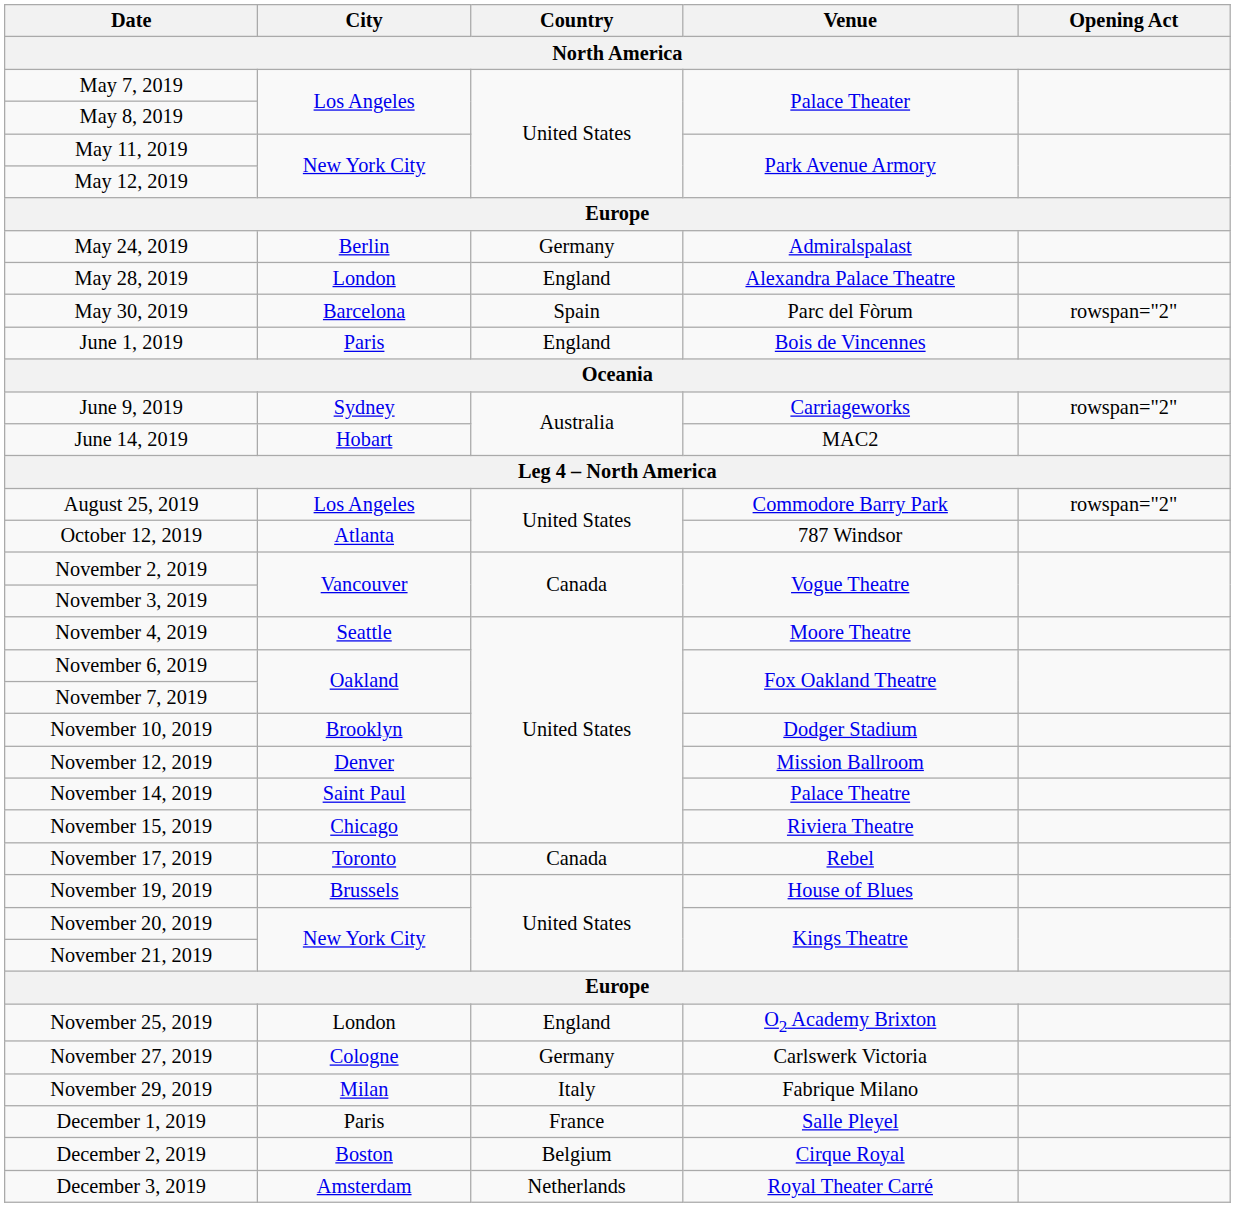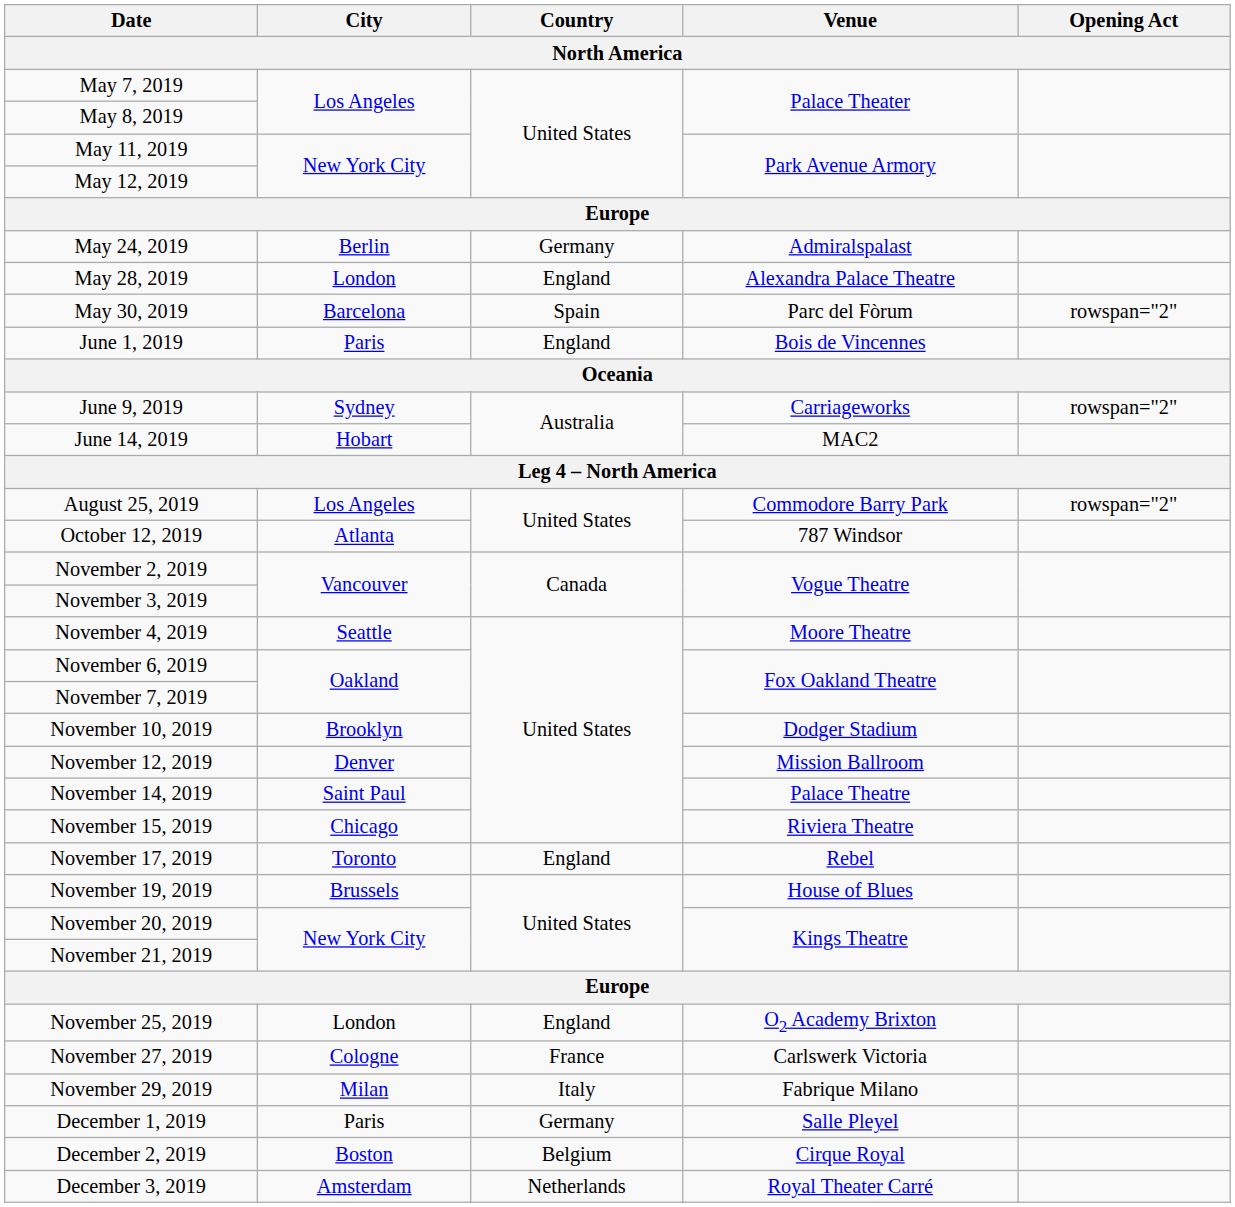 <table class="wikitable plainrowheaders" style="text-align: center;">
 <tr>
 <th scope="col" style="width:12em;">Date</th>
 <th scope="col" style="width:10em;">City</th>
 <th scope="col" style="width:10em;">Country</th>
 <th scope="col" style="width:16em;">Venue</th>
 <th scope="col" style="width:10em;">Opening Act</th>
 </tr>
 <tr>
 <th colspan="5">North America</th>
 </tr>
 <tr>
 <td>May 7, 2019</td>
 <td rowspan="2"><a href='#'>Los Angeles</a></td>
 <td rowspan="4">United States</td>
 <td rowspan="2"><a href='#'>Palace Theater</a></td>
 <td rowspan="2"></td>
 </tr>
 <tr>
 <td>May 8, 2019</td>
 </tr>
 <tr>
 <td>May 11, 2019</td>
 <td rowspan="2"><a href='#'>New York City</a></td>
 <td rowspan="2"><a href='#'>Park Avenue Armory</a></td>
 <td rowspan="2"></td>
 </tr>
 <tr>
 <td>May 12, 2019</td>
 </tr>
 <tr>
 <th colspan="5">Europe</th>
 </tr>
 <tr>
 <td>May 24, 2019</td>
 <td><a href='#'>Berlin</a></td>
 <td>Germany</td>
 <td><a href='#'>Admiralspalast</a></td>
 <td></td>
 </tr>
 <tr>
 <td>May 28, 2019</td>
 <td><a href='#'>London</a></td>
 <td>England</td>
 <td><a href='#'>Alexandra Palace Theatre</a></td>
 <td></td>
 </tr>
 <tr>
 <td>May 30, 2019</td>
 <td><a href='#'>Barcelona</a></td>
 <td>Spain</td>
 <td>Parc del Fòrum</td>
 <td>rowspan="2" </td>
 </tr>
 <tr>
 <td>June 1, 2019</td>
 <td><a href='#'>Paris</a></td>
 <td>England</td>
 <td><a href='#'>Bois de Vincennes</a></td>
 </tr>
 <tr>
 <th colspan="5">Oceania</th>
 </tr>
 <tr>
 <td>June 9, 2019</td>
 <td><a href='#'>Sydney</a></td>
 <td rowspan="2">Australia</td>
 <td><a href='#'>Carriageworks</a></td>
 <td>rowspan="2" </td>
 </tr>
 <tr>
 <td>June 14, 2019</td>
 <td><a href='#'>Hobart</a></td>
 <td>MAC2</td>
 </tr>
 <tr>
 <th colspan="5">Leg 4 – North America</th>
 </tr>
 <tr>
 <td>August 25, 2019</td>
 <td><a href='#'>Los Angeles</a></td>
 <td rowspan="2">United States</td>
 <td><a href='#'>Commodore Barry Park</a></td>
 <td>rowspan="2" </td>
 </tr>
 <tr>
 <td>October 12, 2019</td>
 <td><a href='#'>Atlanta</a></td>
 <td>787 Windsor</td>
 </tr>
 <tr>
 <td>November 2, 2019</td>
 <td rowspan="2"><a href='#'>Vancouver</a></td>
 <td rowspan="2">Canada</td>
 <td rowspan="2"><a href='#'>Vogue Theatre</a></td>
 <td rowspan="2"></td>
 </tr>
 <tr>
 <td>November 3, 2019</td>
 </tr>
 <tr>
 <td>November 4, 2019</td>
 <td><a href='#'>Seattle</a></td>
 <td rowspan="7">United States</td>
 <td><a href='#'>Moore Theatre</a></td>
 <td></td>
 </tr>
 <tr>
 <td>November 6, 2019</td>
 <td rowspan="2"><a href='#'>Oakland</a></td>
 <td rowspan="2"><a href='#'>Fox Oakland Theatre</a></td>
 <td rowspan="2"></td>
 </tr>
 <tr>
 <td>November 7, 2019</td>
 </tr>
 <tr>
 <td>November 10, 2019</td>
 <td><a href='#'>Brooklyn</a></td>
 <td><a href='#'>Dodger Stadium</a></td>
 <td></td>
 </tr>
 <tr>
 <td>November 12, 2019</td>
 <td><a href='#'>Denver</a></td>
 <td><a href='#'>Mission Ballroom</a></td>
 <td></td>
 </tr>
 <tr>
 <td>November 14, 2019</td>
 <td><a href='#'>Saint Paul</a></td>
 <td><a href='#'>Palace Theatre</a></td>
 <td></td>
 </tr>
 <tr>
 <td>November 15, 2019</td>
 <td><a href='#'>Chicago</a></td>
 <td><a href='#'>Riviera Theatre</a></td>
 <td></td>
 </tr>
 <tr>
 <td>November 17, 2019</td>
 <td><a href='#'>Toronto</a></td>
-<td>Canada</td>
+<td>England</td>
 <td><a href='#'>Rebel</a></td>
 <td></td>
 </tr>
 <tr>
 <td>November 19, 2019</td>
 <td><a href='#'>Brussels</a></td>
 <td rowspan="3">United States</td>
 <td><a href='#'>House of Blues</a></td>
 <td></td>
 </tr>
 <tr>
 <td>November 20, 2019</td>
 <td rowspan="2"><a href='#'>New York City</a></td>
 <td rowspan="2"><a href='#'>Kings Theatre</a></td>
 <td rowspan="2"></td>
 </tr>
 <tr>
 <td>November 21, 2019</td>
 </tr>
 <tr>
 <th colspan="5">Europe</th>
 </tr>
 <tr>
 <td>November 25, 2019</td>
 <td>London</td>
 <td>England</td>
 <td><a href='#'>O<sub>2</sub> Academy Brixton</a></td>
 <td></td>
 </tr>
 <tr>
 <td>November 27, 2019</td>
 <td><a href='#'>Cologne</a></td>
-<td>Germany</td>
+<td>France</td>
 <td>Carlswerk Victoria</td>
 <td></td>
 </tr>
 <tr>
 <td>November 29, 2019</td>
 <td><a href='#'>Milan</a></td>
 <td>Italy</td>
 <td>Fabrique Milano</td>
 <td></td>
 </tr>
 <tr>
 <td>December 1, 2019</td>
 <td>Paris</td>
-<td>France</td>
+<td>Germany</td>
 <td><a href='#'>Salle Pleyel</a></td>
 <td></td>
 </tr>
 <tr>
 <td>December 2, 2019</td>
 <td><a href='#'>Boston</a></td>
 <td>Belgium</td>
 <td><a href='#'>Cirque Royal</a></td>
 <td></td>
 </tr>
 <tr>
 <td>December 3, 2019</td>
 <td><a href='#'>Amsterdam</a></td>
 <td>Netherlands</td>
 <td><a href='#'>Royal Theater Carré</a></td>
 <td></td>
 </tr>
 </table>
